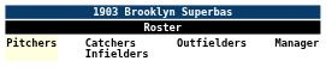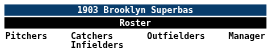 <table class="toccolours" style="font-size: 95%;">
 <tr>
 <th colspan="10" style="background-color: #083c6b; color: white; text-align: center;">1903 Brooklyn Superbas</th>
 </tr>
 <tr>
 <td colspan="10" style="background-color: black; color: white; text-align: center;"><strong>Roster</strong></td>
 </tr>
 <tr>
-<td valign="top" style="background: lightyellow;"><strong>Pitchers</strong><br>        </td>
+<td valign="top"><strong>Pitchers</strong><br>        </td>
 <td width="25px"></td>
 <td valign="top"><strong>Catchers</strong><br>     <strong>Infielders</strong>      </td>
 <td width="25px"></td>
 <td valign="top"><strong>Outfielders</strong><br>       </td>
 <td width="25px"></td>
 <td valign="top"><strong>Manager</strong><br></td>
 </tr>
 </table>
